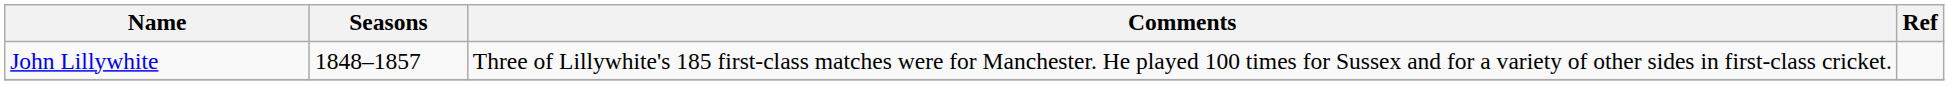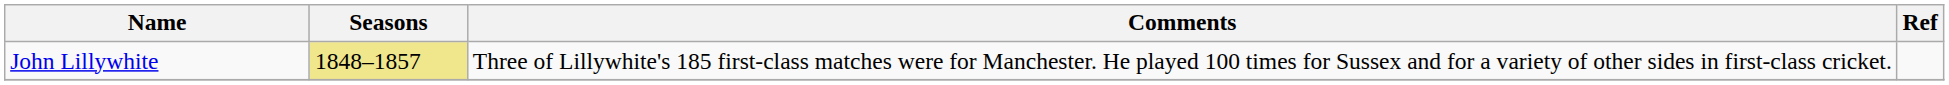 <table class="wikitable">
 <tr>
 <th style="width:200px">Name</th>
 <th style="width: 100px">Seasons</th>
 <th>Comments</th>
 <th>Ref</th>
 </tr>
 <tr>
 <td><a href='#'>John Lillywhite</a></td>
-<td>1848–1857</td>
+<td style="background: khaki;">1848–1857</td>
 <td>Three of Lillywhite's 185 first-class matches were for Manchester. He played 100 times for Sussex and for a variety of other sides in first-class cricket.</td>
 <td></td>
 </tr>
 <tr>
 </tr>
 </table>
